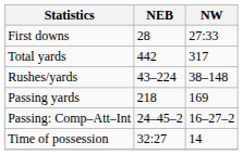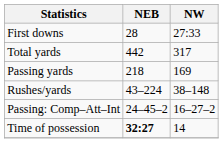 <table class="wikitable" style="float: left;">
 <tr>
 <th>Statistics</th>
 <th>NEB</th>
 <th>NW</th>
 </tr>
 <tr>
 <td>First downs</td>
 <td>28</td>
 <td>27:33</td>
 </tr>
 <tr>
 <td>Total yards</td>
 <td>442</td>
 <td>317</td>
 </tr>
 <tr>
+<td>Passing yards</td>
+<td>218</td>
+<td>169</td>
+</tr>
+<tr>
 <td>Rushes/yards</td>
 <td>43–224</td>
 <td>38–148</td>
-</tr>
-<tr>
-<td>Passing yards</td>
-<td>218</td>
-<td>169</td>
 </tr>
 <tr>
 <td>Passing: Comp–Att–Int</td>
 <td>24–45–2</td>
 <td>16–27–2</td>
 </tr>
 <tr>
 <td>Time of possession</td>
-<td>32:27</td>
+<td><strong>32:27</strong></td>
 <td>14</td>
 </tr>
 <tr>
 </tr>
 </table>
